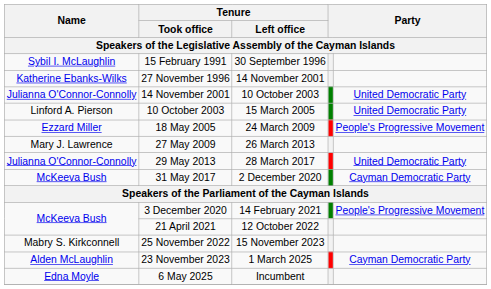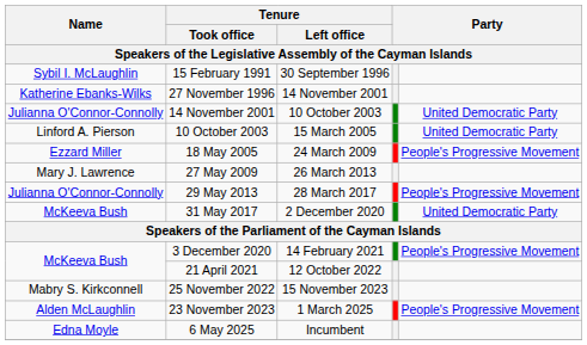 <table class="wikitable" style="text-align:center">
 <tr align=center bgcolor=#ebebeb>
 <th rowspan=2>Name<br></th>
 <th colspan=2>Tenure</th>
 <th colspan=2; rowspan=2>Party</th>
 </tr>
 <tr align=center bgcolor=#ebebeb>
 <th>Took office</th>
 <th>Left office</th>
 </tr>
 <tr>
 <th colspan=6>Speakers of the Legislative Assembly of the Cayman Islands</th>
 </tr>
 <tr>
 <td><a href='#'>Sybil I. McLaughlin</a> <br></td>
 <td>15 February 1991</td>
 <td>30 September 1996</td>
 <th style="background:"></th>
 <td></td>
 </tr>
 <tr>
 <td><a href='#'>Katherine Ebanks-Wilks</a> <br></td>
 <td>27 November 1996</td>
 <td>14 November 2001</td>
 <th style="background:"></th>
 <td></td>
 </tr>
 <tr>
 <td><a href='#'>Julianna O'Connor-Connolly</a> <br></td>
 <td>14 November 2001</td>
 <td>10 October 2003</td>
 <th style="background:Green"></th>
 <td><a href='#'>United Democratic Party</a></td>
 </tr>
 <tr>
 <td>Linford A. Pierson  <br></td>
 <td>10 October 2003</td>
 <td>15 March 2005</td>
 <th style="background:Green"></th>
 <td><a href='#'>United Democratic Party</a></td>
 </tr>
 <tr>
 <td><a href='#'>Ezzard Miller</a> <br></td>
 <td>18 May 2005</td>
 <td>24 March 2009</td>
 <th style="background:Red"></th>
 <td><a href='#'>People's Progressive Movement</a></td>
 </tr>
 <tr>
 <td>Mary J. Lawrence <br></td>
 <td>27 May 2009</td>
 <td>26 March 2013</td>
 <th style="background:"></th>
 <td></td>
 </tr>
 <tr>
 <td><a href='#'>Julianna O'Connor-Connolly</a> <br></td>
 <td>29 May 2013</td>
 <td>28 March 2017</td>
 <th style="background:Red;"></th>
-<td><a href='#'>United Democratic Party</a></td>
+<td><a href='#'>People's Progressive Movement</a></td>
 </tr>
 <tr>
 <td><a href='#'>McKeeva Bush</a> <br></td>
 <td>31 May 2017</td>
 <td>2 December 2020</td>
 <th style="background:Green"></th>
-<td><a href='#'>Cayman Democratic Party</a></td>
+<td><a href='#'>United Democratic Party</a></td>
 </tr>
 <tr>
 <th colspan=6>Speakers of the Parliament of the Cayman Islands</th>
 </tr>
 <tr>
 <td rowspan=2><a href='#'>McKeeva Bush</a> <br></td>
 <td>3 December 2020</td>
 <td>14 February 2021</td>
 <th style="background:Green"></th>
 <td><a href='#'>People's Progressive Movement</a></td>
 </tr>
 <tr>
 <td>21 April 2021</td>
 <td>12 October 2022</td>
 <th style="background:"></th>
 <td></td>
 </tr>
 <tr>
 <td>Mabry S. Kirkconnell <br></td>
 <td>25 November 2022</td>
 <td>15 November 2023</td>
 <th style="background:"></th>
 <td></td>
 </tr>
 <tr>
 <td><a href='#'>Alden McLaughlin</a> <br></td>
 <td>23 November 2023</td>
 <td>1 March 2025</td>
 <th style="background:Red;"></th>
-<td><a href='#'>Cayman Democratic Party</a></td>
+<td><a href='#'>People's Progressive Movement</a></td>
 </tr>
 <tr>
 <td><a href='#'>Edna Moyle</a> <br></td>
 <td>6 May 2025</td>
 <td>Incumbent</td>
 <th style="background:"></th>
 <td></td>
 </tr>
 <tr>
 </tr>
 </table>
